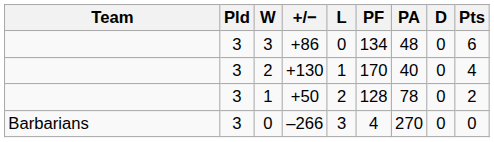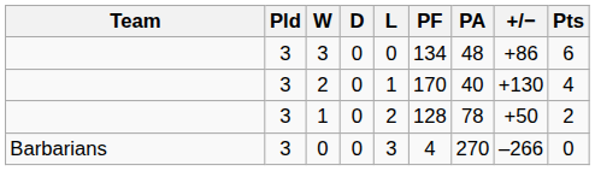 <table class="wikitable" style="text-align:center">
 <tr>
 <th width="200">Team</th>
 <th width="20">Pld</th>
 <th width="20">W</th>
-<th width="32">+/−</th>
+<th width="20">D</th>
 <th width="20">L</th>
 <th width="20">PF</th>
 <th width="20">PA</th>
-<th width="20">D</th>
+<th width="32">+/−</th>
 <th width="20">Pts</th>
 </tr>
 <tr>
 <td style="text-align:left;"></td>
 <td>3</td>
 <td>3</td>
-<td>+86</td>
+<td>0</td>
 <td>0</td>
 <td>134</td>
 <td>48</td>
-<td>0</td>
+<td>+86</td>
 <td>6</td>
 </tr>
 <tr>
 <td style="text-align:left;"></td>
 <td>3</td>
 <td>2</td>
-<td>+130</td>
+<td>0</td>
 <td>1</td>
 <td>170</td>
 <td>40</td>
-<td>0</td>
+<td>+130</td>
 <td>4</td>
 </tr>
 <tr>
 <td style="text-align:left;"></td>
 <td>3</td>
 <td>1</td>
-<td>+50</td>
+<td>0</td>
 <td>2</td>
 <td>128</td>
 <td>78</td>
-<td>0</td>
+<td>+50</td>
 <td>2</td>
 </tr>
 <tr>
 <td style="text-align:left;">Barbarians</td>
 <td>3</td>
 <td>0</td>
-<td>–266</td>
+<td>0</td>
 <td>3</td>
 <td>4</td>
 <td>270</td>
-<td>0</td>
+<td>–266</td>
 <td>0</td>
 </tr>
 </table>
